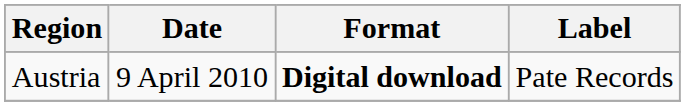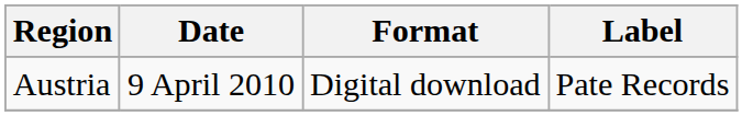 <table class=wikitable>
 <tr>
 <th>Region</th>
 <th>Date</th>
 <th>Format</th>
 <th>Label</th>
 </tr>
 <tr>
 <td>Austria</td>
 <td>9 April 2010</td>
-<td><strong>Digital download</strong></td>
+<td>Digital download</td>
 <td>Pate Records</td>
 </tr>
 <tr>
 </tr>
 </table>
